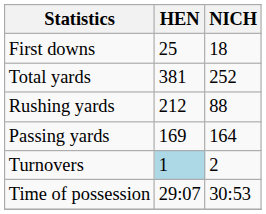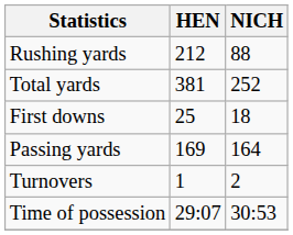 <table class="wikitable">
 <tr>
 <th>Statistics</th>
 <th>HEN</th>
 <th>NICH</th>
 </tr>
 <tr>
-<td>First downs</td>
-<td>25</td>
-<td>18</td>
+<td>Rushing yards</td>
+<td>212</td>
+<td>88</td>
 </tr>
 <tr>
 <td>Total yards</td>
 <td>381</td>
 <td>252</td>
 </tr>
 <tr>
-<td>Rushing yards</td>
-<td>212</td>
-<td>88</td>
+<td>First downs</td>
+<td>25</td>
+<td>18</td>
 </tr>
 <tr>
 <td>Passing yards</td>
 <td>169</td>
 <td>164</td>
 </tr>
 <tr>
 <td>Turnovers</td>
-<td style="background: lightblue;">1</td>
+<td>1</td>
 <td>2</td>
 </tr>
 <tr>
 <td>Time of possession</td>
 <td>29:07</td>
 <td>30:53</td>
 </tr>
 <tr>
 </tr>
 </table>
